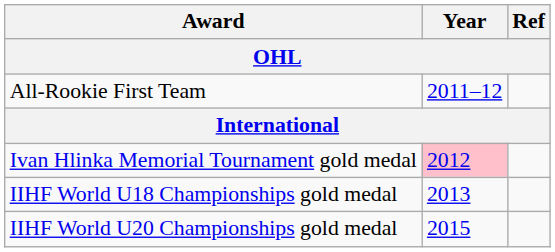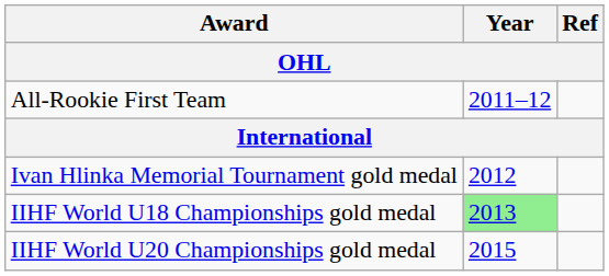 <table class="wikitable">
 <tr>
 <th>Award</th>
 <th>Year</th>
 <th>Ref</th>
 </tr>
 <tr>
 <th colspan="3"><a href='#'>OHL</a></th>
 </tr>
 <tr>
 <td>All-Rookie First Team</td>
 <td><a href='#'>2011–12</a></td>
 <td></td>
 </tr>
 <tr>
 <th colspan="3"><a href='#'>International</a></th>
 </tr>
 <tr>
 <td><a href='#'>Ivan Hlinka Memorial Tournament</a> gold medal</td>
-<td style="background: pink;"><a href='#'>2012</a></td>
+<td><a href='#'>2012</a></td>
 <td></td>
 </tr>
 <tr>
 <td><a href='#'>IIHF World U18 Championships</a> gold medal</td>
-<td><a href='#'>2013</a></td>
+<td style="background: lightgreen;"><a href='#'>2013</a></td>
 <td></td>
 </tr>
 <tr>
 <td><a href='#'>IIHF World U20 Championships</a> gold medal</td>
 <td><a href='#'>2015</a></td>
 <td></td>
 </tr>
 </table>
